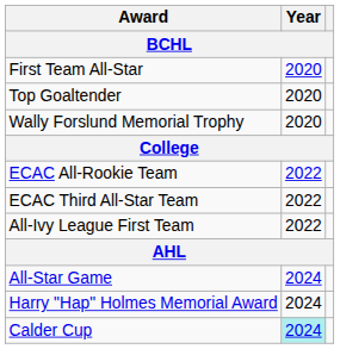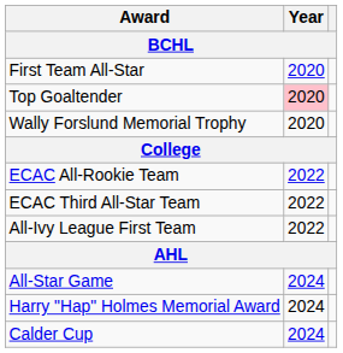 <table class="wikitable">
 <tr>
 <th>Award</th>
 <th>Year</th>
 <th></th>
 </tr>
 <tr>
 <th colspan="3"><a href='#'>BCHL</a></th>
 </tr>
 <tr>
 <td>First Team All-Star</td>
 <td><a href='#'>2020</a></td>
 <td></td>
 </tr>
 <tr>
 <td>Top Goaltender</td>
-<td>2020</td>
+<td style="background: pink;">2020</td>
 <td></td>
 </tr>
 <tr>
 <td>Wally Forslund Memorial Trophy</td>
 <td>2020</td>
 <td></td>
 </tr>
 <tr>
 <th colspan="3"><a href='#'>College</a></th>
 </tr>
 <tr>
 <td><a href='#'>ECAC</a> All-Rookie Team</td>
 <td><a href='#'>2022</a></td>
 <td></td>
 </tr>
 <tr>
 <td>ECAC Third All-Star Team</td>
 <td>2022</td>
 <td></td>
 </tr>
 <tr>
 <td>All-Ivy League First Team</td>
 <td>2022</td>
 <td></td>
 </tr>
 <tr>
 <th colspan="3"><a href='#'>AHL</a></th>
 </tr>
 <tr>
 <td><a href='#'>All-Star Game</a></td>
 <td><a href='#'>2024</a></td>
 <td></td>
 </tr>
 <tr>
 <td><a href='#'>Harry "Hap" Holmes Memorial Award</a></td>
 <td>2024</td>
 <td></td>
 </tr>
 <tr>
 <td><a href='#'>Calder Cup</a></td>
-<td style="background: paleturquoise;"><a href='#'>2024</a></td>
+<td><a href='#'>2024</a></td>
 <td></td>
 </tr>
 </table>
